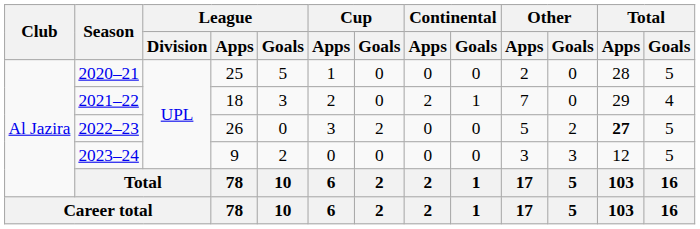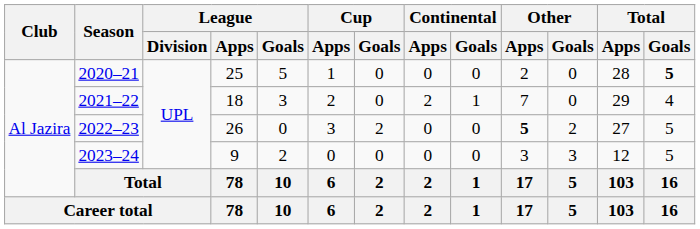 <table class="wikitable" style="text-align: center">
 <tr>
 <th rowspan="2">Club</th>
 <th rowspan="2">Season</th>
 <th colspan="3">League</th>
 <th colspan="2">Cup</th>
 <th colspan="2">Continental</th>
 <th colspan="2">Other</th>
 <th colspan="2">Total</th>
 </tr>
 <tr>
 <th>Division</th>
 <th>Apps</th>
 <th>Goals</th>
 <th>Apps</th>
 <th>Goals</th>
 <th>Apps</th>
 <th>Goals</th>
 <th>Apps</th>
 <th>Goals</th>
 <th>Apps</th>
 <th>Goals</th>
 </tr>
 <tr>
 <td rowspan="5"><a href='#'>Al Jazira</a></td>
 <td><a href='#'>2020–21</a></td>
 <td rowspan="4"><a href='#'>UPL</a></td>
 <td>25</td>
 <td>5</td>
 <td>1</td>
 <td>0</td>
 <td>0</td>
 <td>0</td>
 <td>2</td>
 <td>0</td>
 <td>28</td>
-<td>5</td>
+<td><strong>5</strong></td>
 </tr>
 <tr>
 <td><a href='#'>2021–22</a></td>
 <td>18</td>
 <td>3</td>
 <td>2</td>
 <td>0</td>
 <td>2</td>
 <td>1</td>
 <td>7</td>
 <td>0</td>
 <td>29</td>
 <td>4</td>
 </tr>
 <tr>
 <td><a href='#'>2022–23</a></td>
 <td>26</td>
 <td>0</td>
 <td>3</td>
 <td>2</td>
 <td>0</td>
 <td>0</td>
-<td>5</td>
+<td><strong>5</strong></td>
 <td>2</td>
-<td><strong>27</strong></td>
+<td>27</td>
 <td>5</td>
 </tr>
 <tr>
 <td><a href='#'>2023–24</a></td>
 <td>9</td>
 <td>2</td>
 <td>0</td>
 <td>0</td>
 <td>0</td>
 <td>0</td>
 <td>3</td>
 <td>3</td>
 <td>12</td>
 <td>5</td>
 </tr>
 <tr>
 <th colspan="2"><strong>Total</strong></th>
 <th>78</th>
 <th>10</th>
 <th>6</th>
 <th>2</th>
 <th>2</th>
 <th>1</th>
 <th>17</th>
 <th>5</th>
 <th>103</th>
 <th>16</th>
 </tr>
 <tr>
 <th colspan="3"><strong>Career total</strong></th>
 <th>78</th>
 <th>10</th>
 <th>6</th>
 <th>2</th>
 <th>2</th>
 <th>1</th>
 <th>17</th>
 <th>5</th>
 <th>103</th>
 <th>16</th>
 </tr>
 </table>
